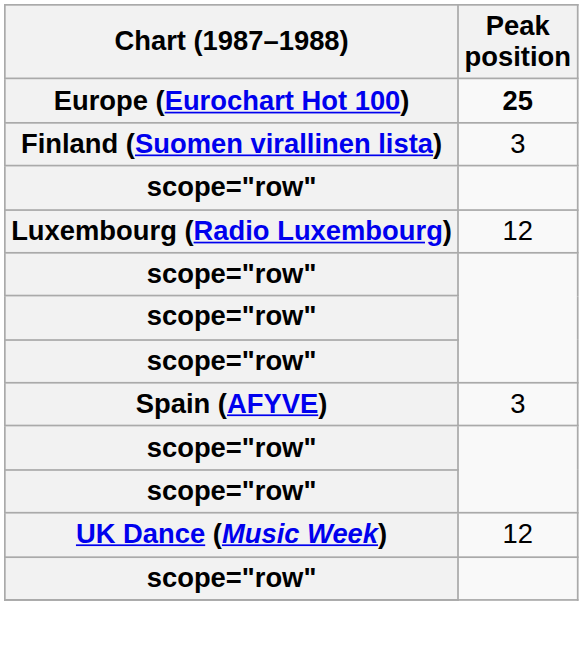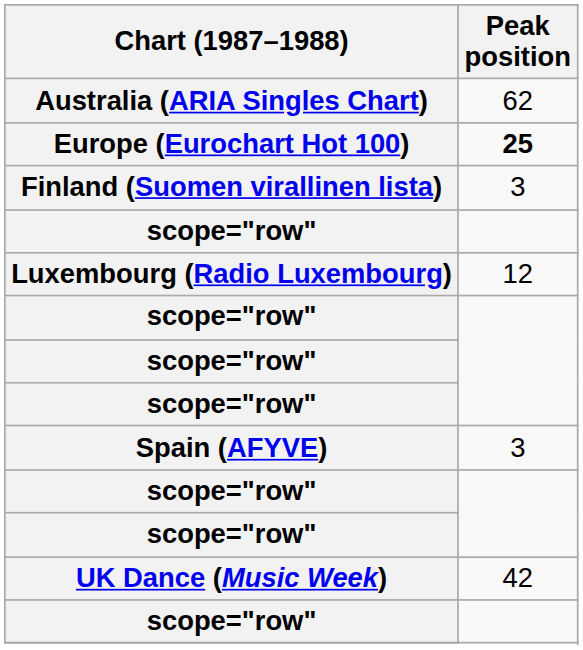 <table class="wikitable sortable plainrowheaders">
 <tr>
 <th>Chart (1987–1988)</th>
 <th>Peak<br>position</th>
+</tr>
+<tr>
+<th scope="row">Australia (<a href='#'>ARIA Singles Chart</a>)</th>
+<td align="center">62</td>
 </tr>
 <tr>
 <th scope="row">Europe (<a href='#'>Eurochart Hot 100</a>)</th>
 <td align="center"><strong>25</strong></td>
 </tr>
 <tr>
 <th scope="row">Finland (<a href='#'>Suomen virallinen lista</a>)</th>
 <td align="center">3</td>
 </tr>
 <tr>
 <th>scope="row"</th>
 </tr>
 <tr>
 <th scope="row">Luxembourg (<a href='#'>Radio Luxembourg</a>)</th>
 <td align="center">12</td>
 </tr>
 <tr>
 <th>scope="row"</th>
 </tr>
 <tr>
 <th>scope="row"</th>
 </tr>
 <tr>
 <th>scope="row"</th>
 </tr>
 <tr>
 <th scope="row">Spain (<a href='#'>AFYVE</a>)</th>
 <td align="center">3</td>
 </tr>
 <tr>
 <th>scope="row"</th>
 </tr>
 <tr>
 <th>scope="row"</th>
 </tr>
 <tr>
 <th scope="row"><a href='#'>UK Dance</a> (<em><a href='#'>Music Week</a></em>)</th>
-<td align="center">12</td>
+<td align="center">42</td>
 </tr>
 <tr>
 <th>scope="row"</th>
 </tr>
 <tr>
 </tr>
 </table>
